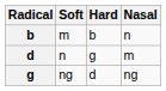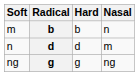 <table class="wikitable">
 <tr>
+<th>Soft</th>
 <th>Radical</th>
-<th>Soft</th>
 <th>Hard</th>
 <th>Nasal</th>
 </tr>
 <tr>
+<td>m</td>
 <th>b</th>
-<td>m</td>
 <td>b</td>
 <td>n</td>
 </tr>
 <tr>
+<td>n</td>
 <th>d</th>
-<td>n</td>
-<td>g</td>
+<td>d</td>
 <td>m</td>
 </tr>
 <tr>
+<td>ng</td>
 <th>g</th>
-<td>ng</td>
-<td>d</td>
+<td>g</td>
 <td>ng</td>
 </tr>
 </table>
